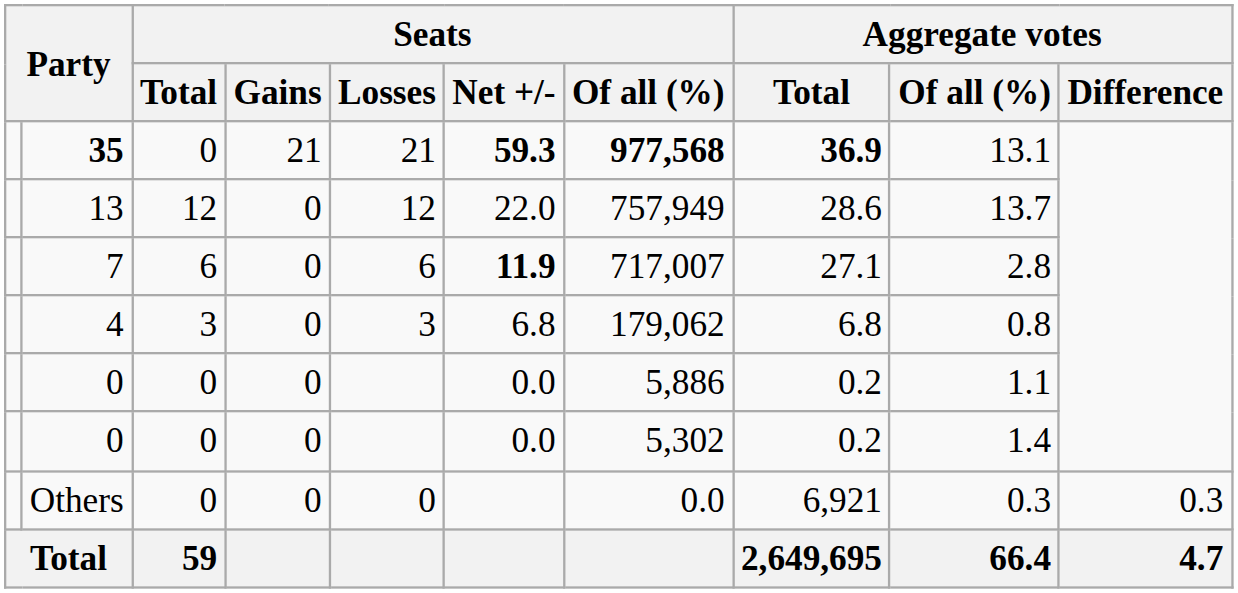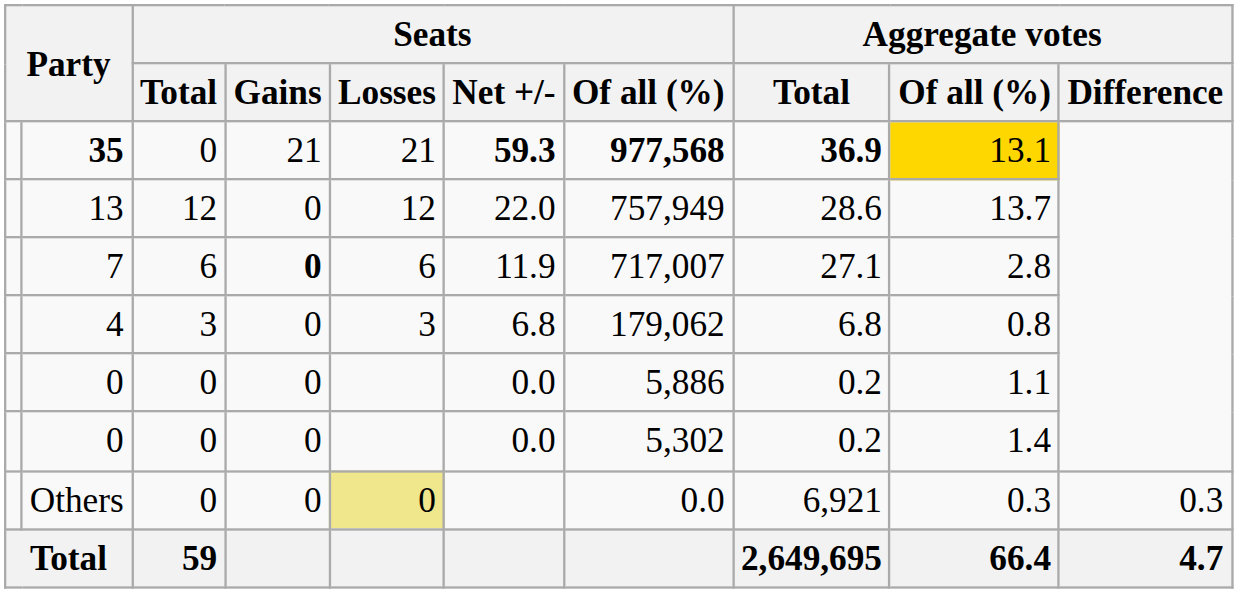 <table class="wikitable sortable" style="text-align:right; font-size:95%;">
 <tr>
 <th colspan="2" rowspan="2">Party</th>
 <th colspan="5">Seats</th>
 <th colspan="3">Aggregate votes</th>
 </tr>
 <tr>
 <th>Total</th>
 <th>Gains</th>
 <th>Losses</th>
 <th>Net +/-</th>
 <th>Of all (%)</th>
 <th>Total</th>
 <th>Of all (%)</th>
 <th>Difference</th>
 </tr>
 <tr>
 <td></td>
 <td><strong>35</strong></td>
 <td>0</td>
 <td>21</td>
 <td>21</td>
 <td><strong>59.3</strong></td>
 <td><strong>977,568</strong></td>
 <td><strong>36.9</strong></td>
-<td>13.1</td>
+<td style="background: gold;">13.1</td>
 </tr>
 <tr>
 <td></td>
 <td>13</td>
 <td>12</td>
 <td>0</td>
 <td>12</td>
 <td>22.0</td>
 <td>757,949</td>
 <td>28.6</td>
 <td>13.7</td>
 </tr>
 <tr>
 <td></td>
 <td>7</td>
 <td>6</td>
-<td>0</td>
+<td><strong>0</strong></td>
 <td>6</td>
-<td><strong>11.9</strong></td>
+<td>11.9</td>
 <td>717,007</td>
 <td>27.1</td>
 <td>2.8</td>
 </tr>
 <tr>
 <td></td>
 <td>4</td>
 <td>3</td>
 <td>0</td>
 <td>3</td>
 <td>6.8</td>
 <td>179,062</td>
 <td>6.8</td>
 <td>0.8</td>
 </tr>
 <tr>
 <td></td>
 <td>0</td>
 <td>0</td>
 <td>0</td>
 <td></td>
 <td>0.0</td>
 <td>5,886</td>
 <td>0.2</td>
 <td>1.1</td>
 </tr>
 <tr>
 <td></td>
 <td>0</td>
 <td>0</td>
 <td>0</td>
 <td></td>
 <td>0.0</td>
 <td>5,302</td>
 <td>0.2</td>
 <td>1.4</td>
 </tr>
 <tr>
 <td></td>
 <td align=left>Others</td>
 <td>0</td>
 <td>0</td>
-<td>0</td>
+<td style="background: khaki;">0</td>
 <td></td>
 <td>0.0</td>
 <td>6,921</td>
 <td>0.3</td>
 <td>0.3</td>
 </tr>
 <tr class="sortbottom">
 <th colspan="2" style="background:#f2f2f2"><strong>Total</strong></th>
 <td style="background:#f2f2f2;"><strong>59</strong></td>
 <td style="background:#f2f2f2;"></td>
 <td style="background:#f2f2f2;"></td>
 <td style="background:#f2f2f2;"></td>
 <td style="background:#f2f2f2;"></td>
 <td style="background:#f2f2f2;"><strong>2,649,695</strong></td>
 <td style="background:#f2f2f2;"><strong>66.4</strong></td>
 <td style="background:#f2f2f2;"><strong>4.7</strong></td>
 </tr>
 </table>
